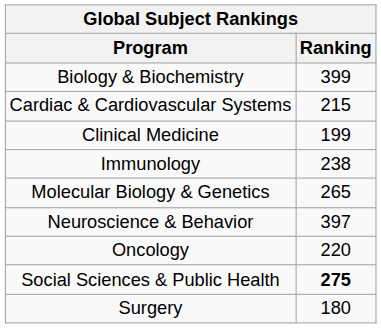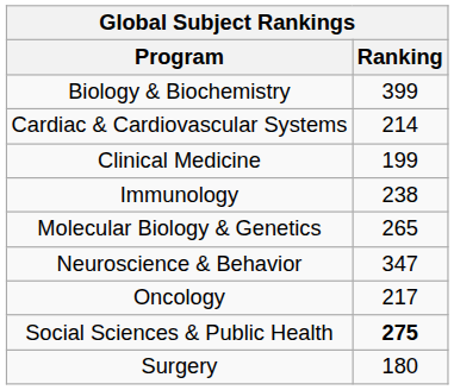 <table class="wikitable sortable collapsible collapsed" style="float:right; text-align:center">
 <tr>
 <th colspan=4>Global Subject Rankings</th>
 </tr>
 <tr>
 <th>Program</th>
 <th>Ranking</th>
 </tr>
 <tr>
 <td>Biology & Biochemistry</td>
 <td>399</td>
 </tr>
 <tr>
 <td>Cardiac & Cardiovascular Systems</td>
-<td>215</td>
+<td>214</td>
 </tr>
 <tr>
 <td>Clinical Medicine</td>
 <td>199</td>
 </tr>
 <tr>
 <td>Immunology</td>
 <td>238</td>
 </tr>
 <tr>
 <td>Molecular Biology & Genetics</td>
 <td>265</td>
 </tr>
 <tr>
 <td>Neuroscience & Behavior</td>
-<td>397</td>
+<td>347</td>
 </tr>
 <tr>
 <td>Oncology</td>
-<td>220</td>
+<td>217</td>
 </tr>
 <tr>
 <td>Social Sciences & Public Health</td>
 <td><strong>275</strong></td>
 </tr>
 <tr>
 <td>Surgery</td>
 <td>180</td>
 </tr>
 </table>
